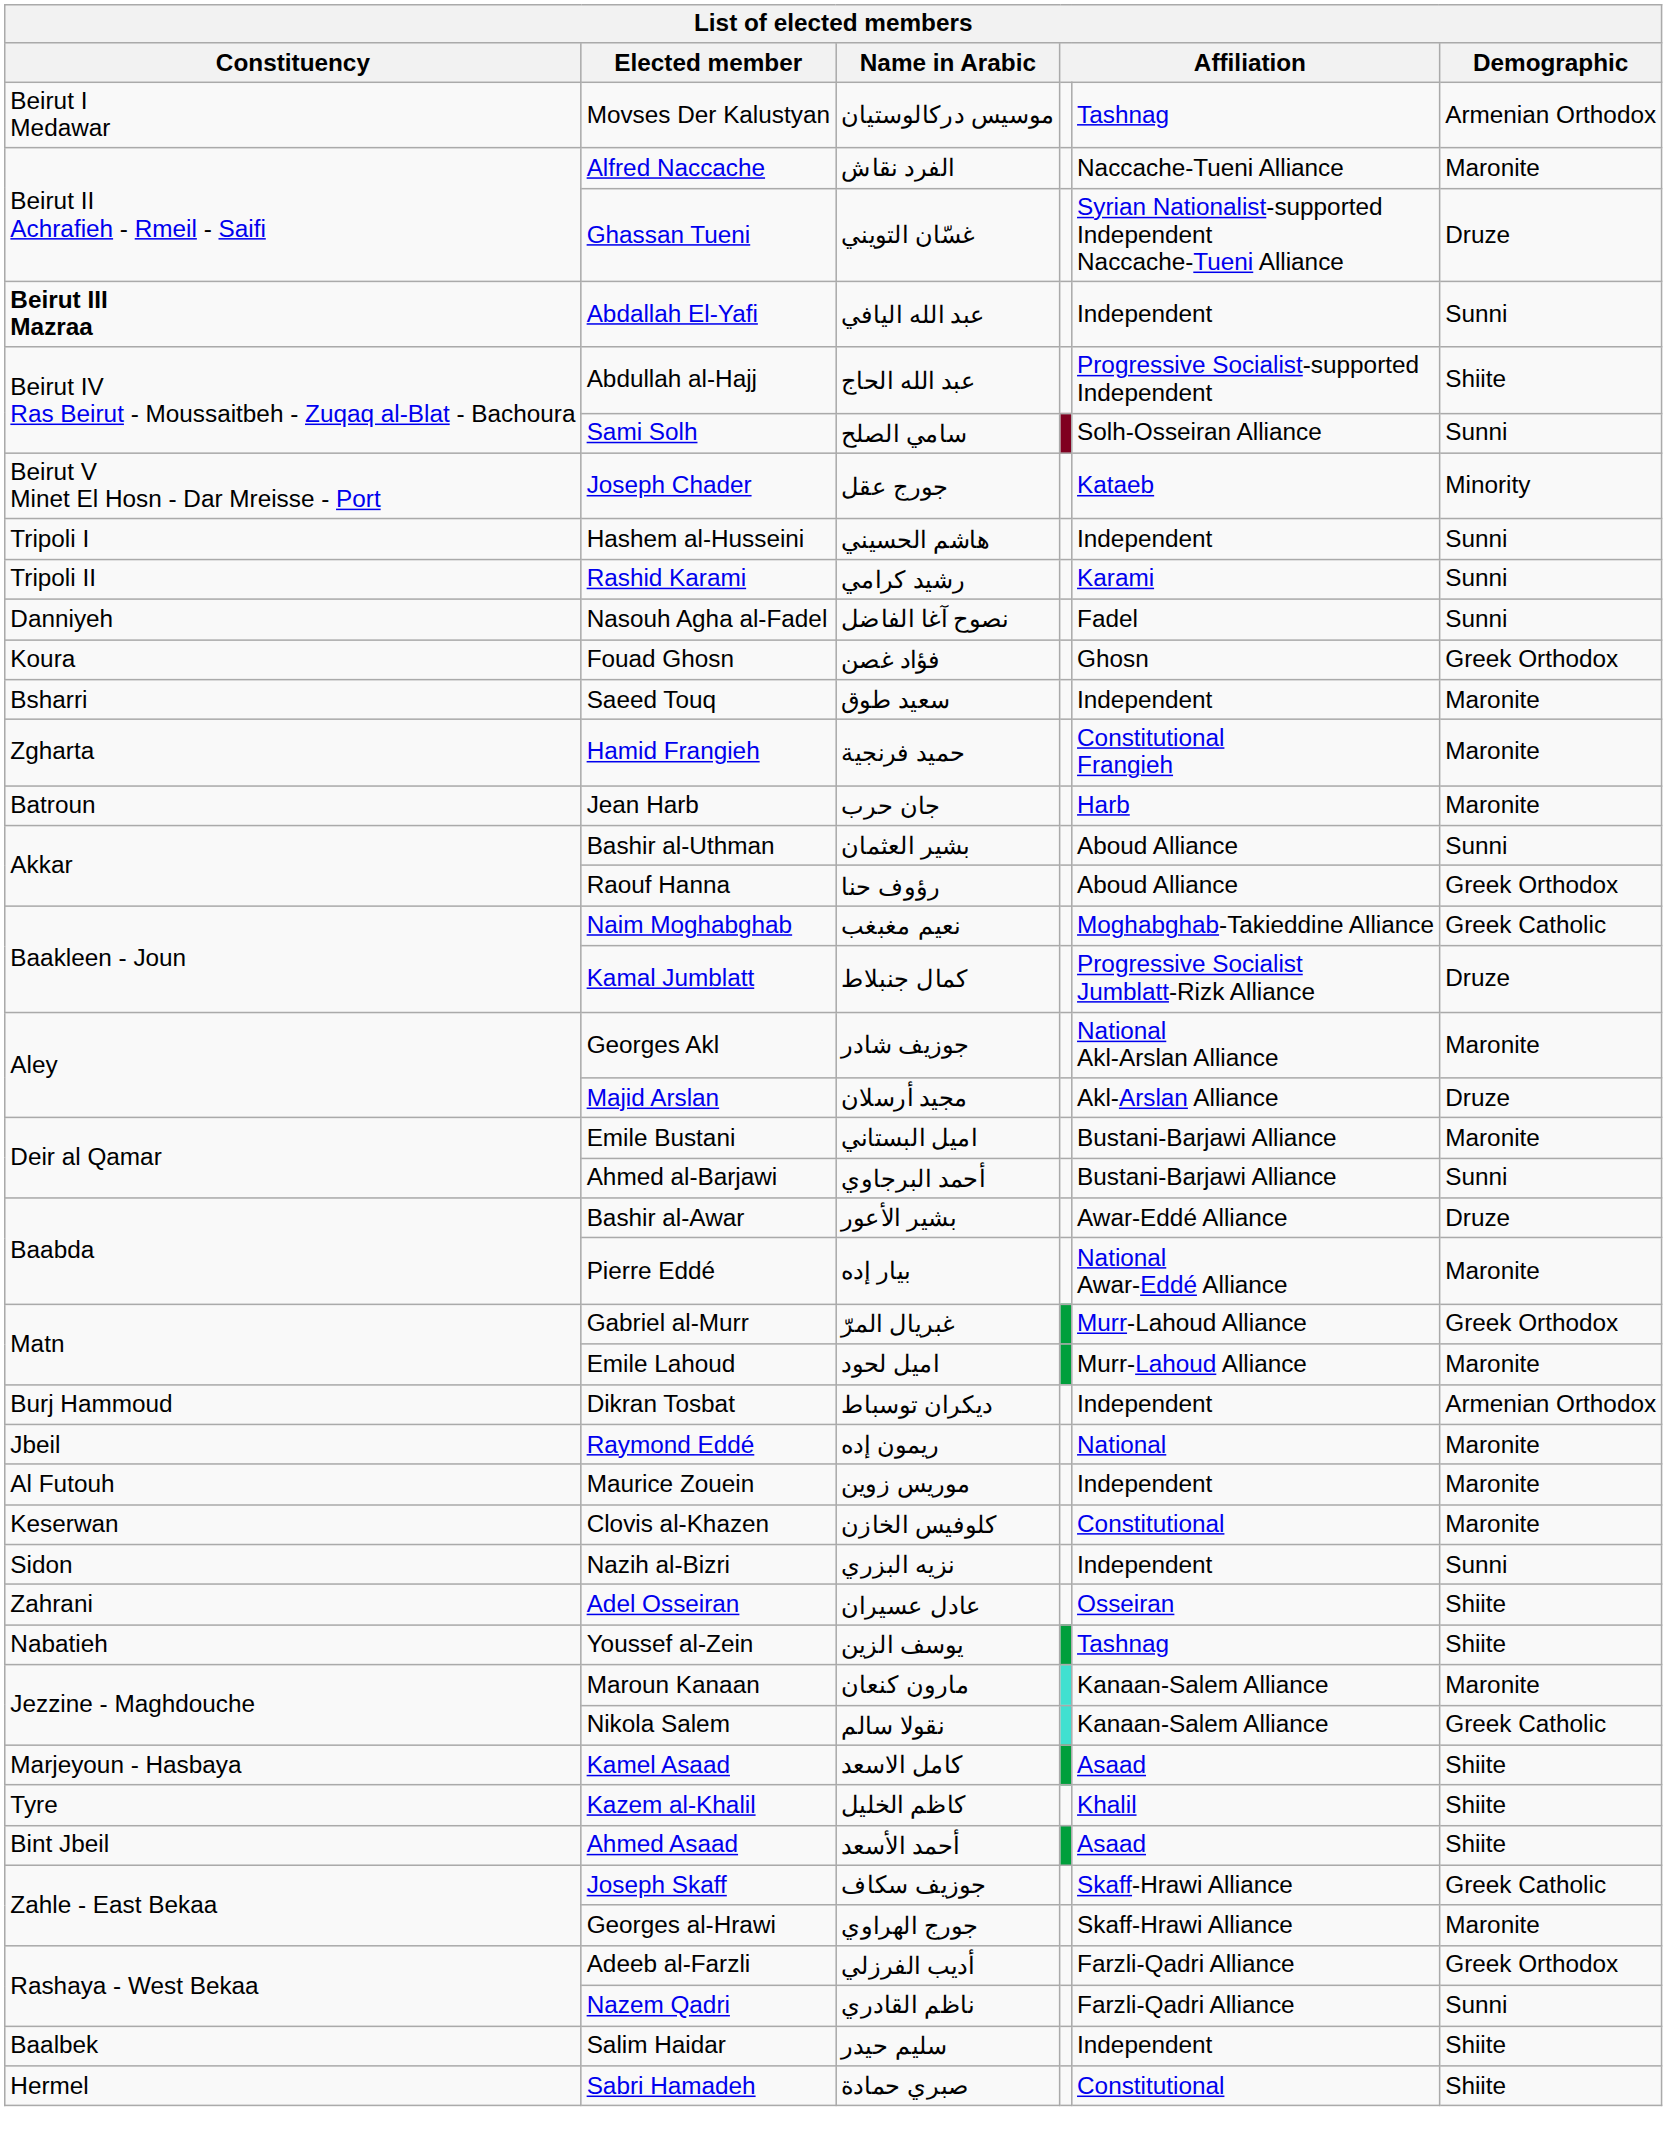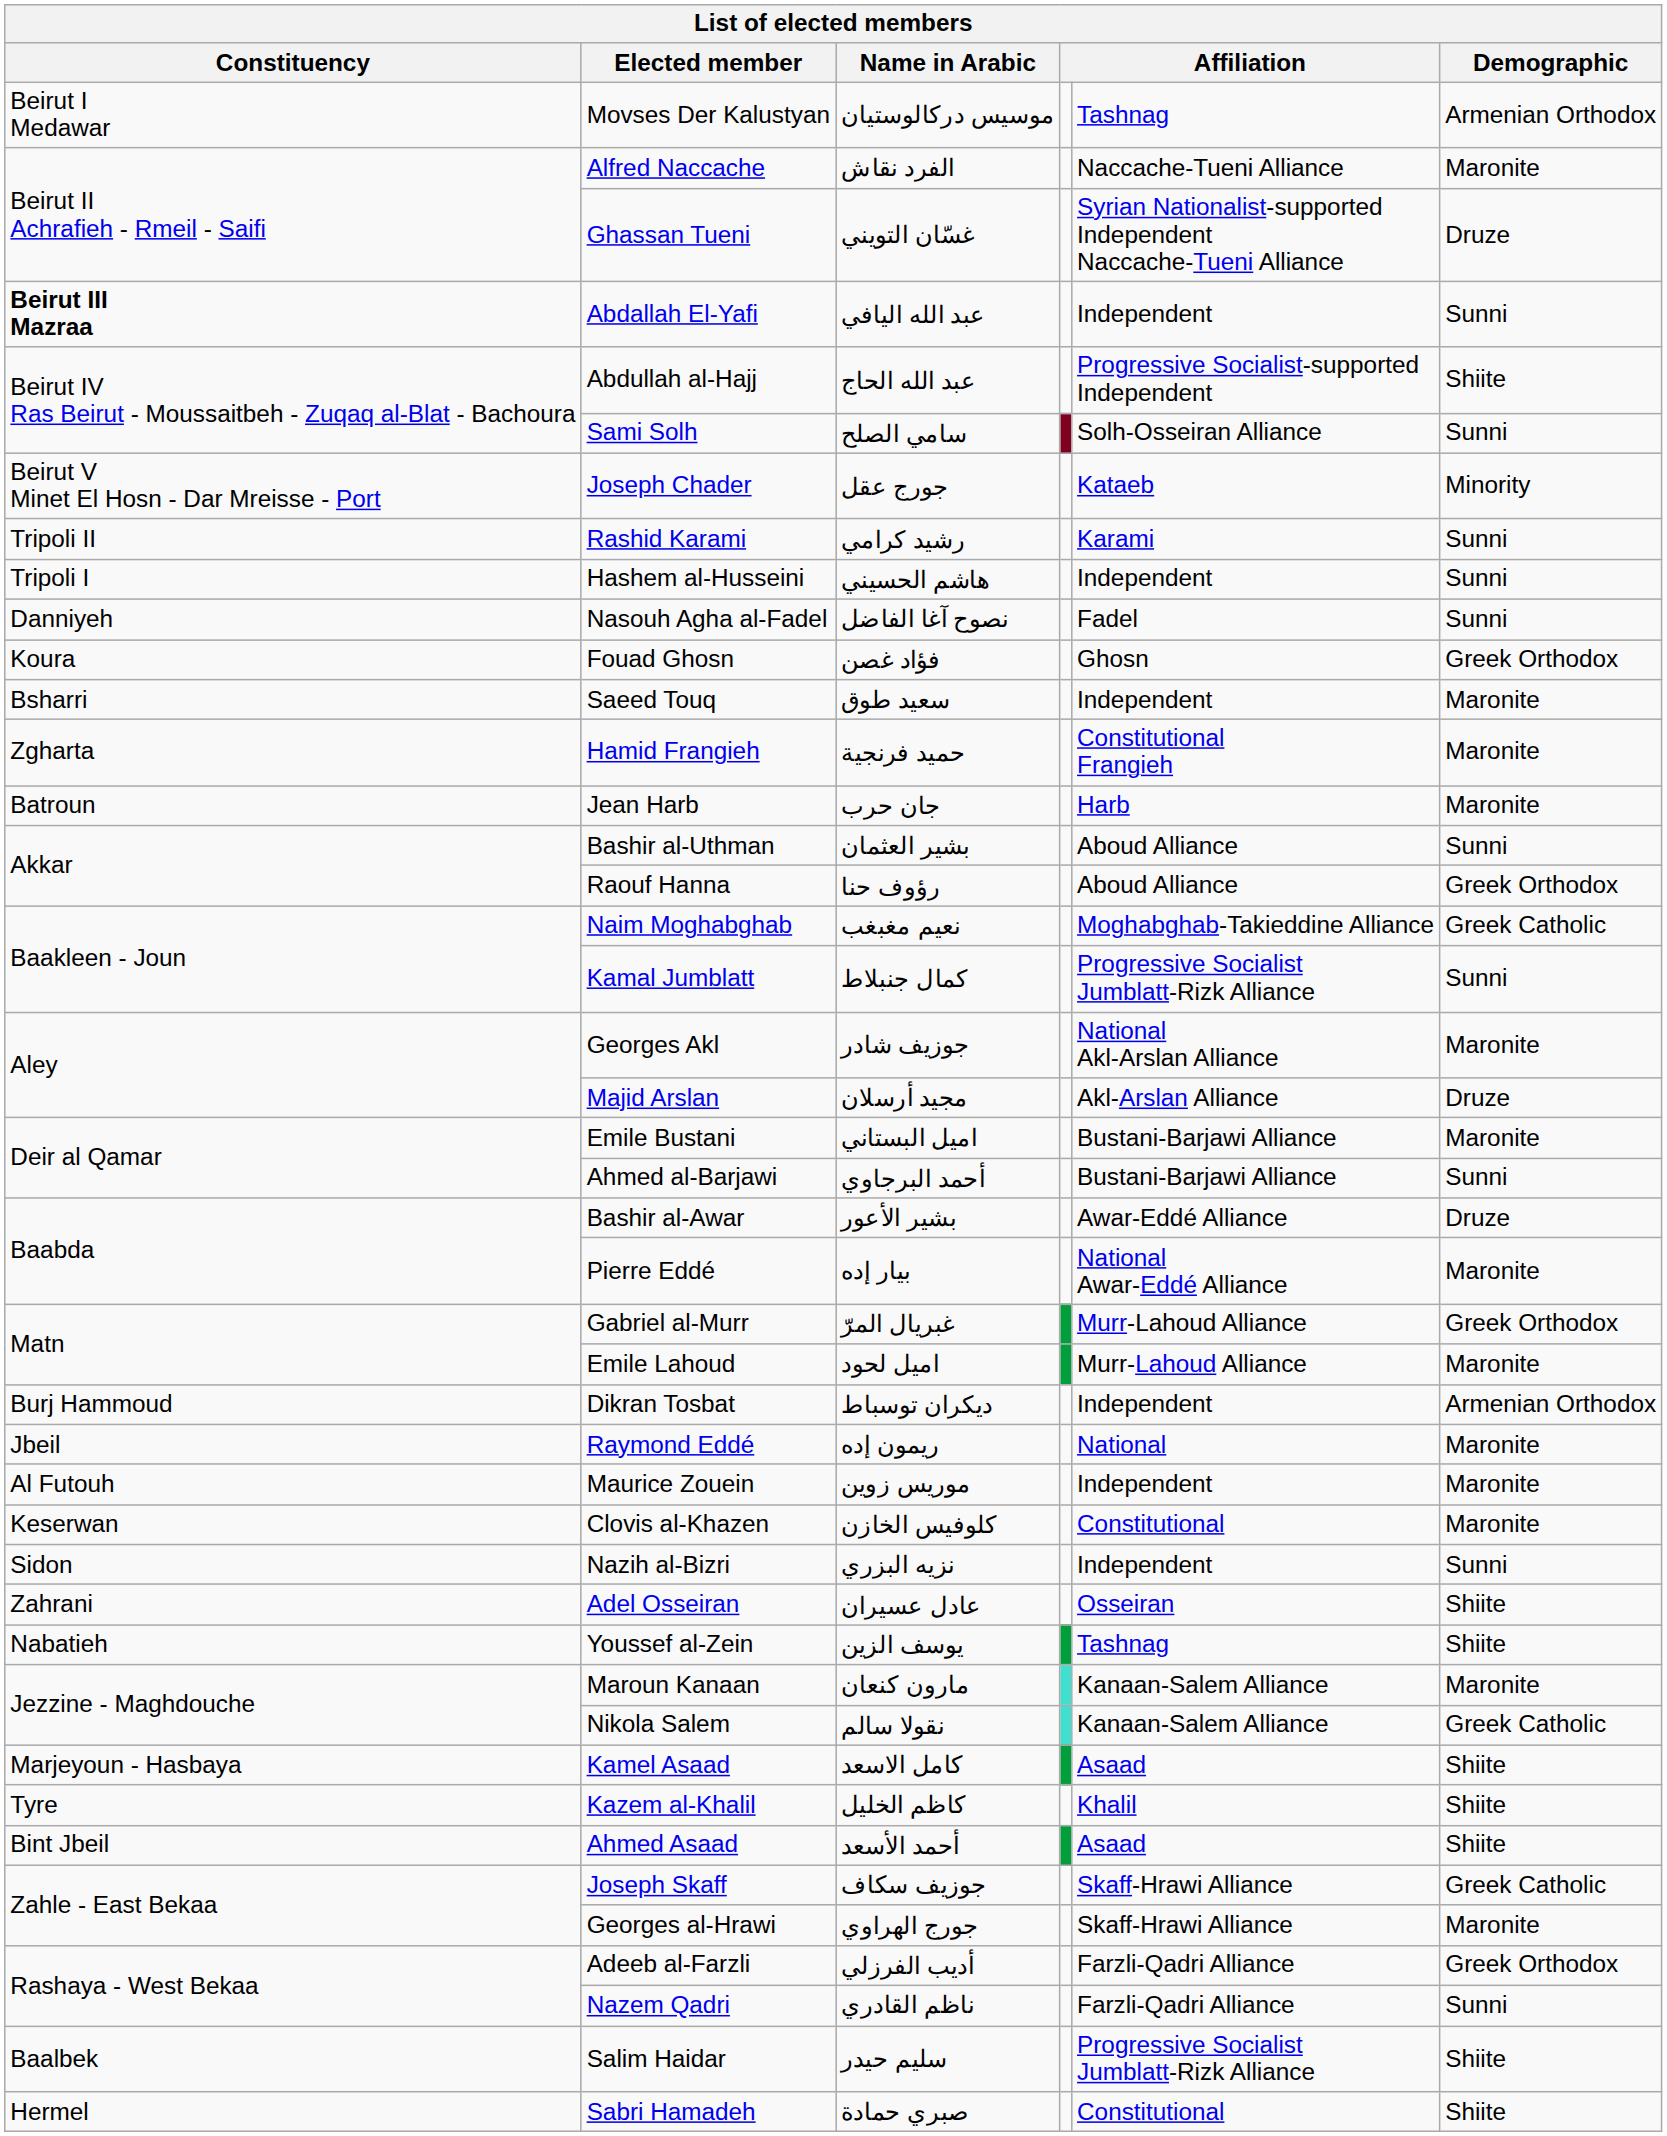 <table class="wikitable sortable">
 <tr>
 <th colspan="6">List of elected members</th>
 </tr>
 <tr>
 <th>Constituency</th>
 <th>Elected member</th>
 <th>Name in Arabic</th>
 <th colspan="2">Affiliation</th>
 <th>Demographic</th>
 </tr>
 <tr>
 <td>Beirut I<br>Medawar</td>
 <td>Movses Der Kalustyan</td>
 <td>موسيس دركالوستيان</td>
 <td style="background: "></td>
 <td><a href='#'>Tashnag</a></td>
 <td>Armenian Orthodox</td>
 </tr>
 <tr>
 <td rowspan="2">Beirut II<br><a href='#'>Achrafieh</a> - <a href='#'>Rmeil</a> - <a href='#'>Saifi</a></td>
 <td><a href='#'>Alfred Naccache</a></td>
 <td>الفرد نقاش</td>
 <td style="background: "></td>
 <td>Naccache-Tueni Alliance</td>
 <td>Maronite</td>
 </tr>
 <tr>
 <td><a href='#'>Ghassan Tueni</a></td>
 <td>غسّان التويني</td>
 <td style="background: "></td>
 <td><a href='#'>Syrian Nationalist</a>-supported<br>Independent<br>Naccache-<a href='#'>Tueni</a> Alliance</td>
 <td>Druze</td>
 </tr>
 <tr>
 <td><strong>Beirut III<br>Mazraa</strong></td>
 <td><a href='#'>Abdallah El-Yafi</a></td>
 <td>عبد الله اليافي</td>
 <td style="background: "></td>
 <td>Independent</td>
 <td>Sunni</td>
 </tr>
 <tr>
 <td rowspan="2">Beirut IV<br><a href='#'>Ras Beirut</a> - Moussaitbeh - <a href='#'>Zuqaq al-Blat</a> - Bachoura</td>
 <td>Abdullah al-Hajj</td>
 <td>عبد الله الحاج</td>
 <td style="background: "></td>
 <td><a href='#'>Progressive Socialist</a>-supported<br>Independent</td>
 <td>Shiite</td>
 </tr>
 <tr>
 <td><a href='#'>Sami Solh</a></td>
 <td>سامي الصلح</td>
 <td style="background: #800020;"></td>
 <td>Solh-Osseiran Alliance</td>
 <td>Sunni</td>
 </tr>
 <tr>
 <td>Beirut V<br>Minet El Hosn - Dar Mreisse - <a href='#'>Port</a></td>
 <td><a href='#'>Joseph Chader</a></td>
 <td>جورج عقل</td>
 <td style="background: "></td>
 <td><a href='#'>Kataeb</a></td>
 <td>Minority</td>
 </tr>
 <tr>
+<td>Tripoli II</td>
+<td><a href='#'>Rashid Karami</a></td>
+<td>رشيد كرامي</td>
+<td style="background: "></td>
+<td><a href='#'>Karami</a></td>
+<td>Sunni</td>
+</tr>
+<tr>
 <td>Tripoli I</td>
 <td>Hashem al-Husseini</td>
 <td>هاشم الحسيني</td>
 <td style="background: "></td>
 <td>Independent</td>
-<td>Sunni</td>
-</tr>
-<tr>
-<td>Tripoli II</td>
-<td><a href='#'>Rashid Karami</a></td>
-<td>رشيد كرامي</td>
-<td style="background: "></td>
-<td><a href='#'>Karami</a></td>
 <td>Sunni</td>
 </tr>
 <tr>
 <td>Danniyeh</td>
 <td>Nasouh Agha al-Fadel</td>
 <td>نصوح آغا الفاضل</td>
 <td style="background: "></td>
 <td>Fadel</td>
 <td>Sunni</td>
 </tr>
 <tr>
 <td>Koura</td>
 <td>Fouad Ghosn</td>
 <td>فؤاد غصن</td>
 <td style="background: "></td>
 <td>Ghosn</td>
 <td>Greek Orthodox</td>
 </tr>
 <tr>
 <td>Bsharri</td>
 <td>Saeed Touq</td>
 <td>سعيد طوق</td>
 <td style="background: "></td>
 <td>Independent</td>
 <td>Maronite</td>
 </tr>
 <tr>
 <td>Zgharta</td>
 <td><a href='#'>Hamid Frangieh</a></td>
 <td>حميد فرنجية</td>
 <td style="background: "></td>
 <td><a href='#'>Constitutional</a><br><a href='#'>Frangieh</a></td>
 <td>Maronite</td>
 </tr>
 <tr>
 <td>Batroun</td>
 <td>Jean Harb</td>
 <td>جان حرب</td>
 <td style="background: "></td>
 <td><a href='#'>Harb</a></td>
 <td>Maronite</td>
 </tr>
 <tr>
 <td rowspan="2">Akkar</td>
 <td>Bashir al-Uthman</td>
 <td>بشير العثمان</td>
 <td style="background: "></td>
 <td>Aboud Alliance</td>
 <td>Sunni</td>
 </tr>
 <tr>
 <td>Raouf Hanna</td>
 <td>رؤوف حنا</td>
 <td style="background: "></td>
 <td>Aboud Alliance</td>
 <td>Greek Orthodox</td>
 </tr>
 <tr>
 <td rowspan="2">Baakleen - Joun</td>
 <td><a href='#'>Naim Moghabghab</a></td>
 <td>نعيم مغبغب</td>
 <td style="background: "></td>
 <td><a href='#'>Moghabghab</a>-Takieddine Alliance</td>
 <td>Greek Catholic</td>
 </tr>
 <tr>
 <td><a href='#'>Kamal Jumblatt</a></td>
 <td>كمال جنبلاط</td>
 <td style="background: "></td>
 <td><a href='#'>Progressive Socialist</a><br><a href='#'>Jumblatt</a>-Rizk Alliance</td>
-<td>Druze</td>
+<td>Sunni</td>
 </tr>
 <tr>
 <td rowspan="2">Aley</td>
 <td>Georges Akl</td>
 <td>جوزيف شادر</td>
 <td style="background: "></td>
 <td><a href='#'>National</a><br>Akl-Arslan Alliance</td>
 <td>Maronite</td>
 </tr>
 <tr>
 <td><a href='#'>Majid Arslan</a></td>
 <td>مجيد أرسلان</td>
 <td style="background: "></td>
 <td>Akl-<a href='#'>Arslan</a> Alliance</td>
 <td>Druze</td>
 </tr>
 <tr>
 <td rowspan="2">Deir al Qamar</td>
 <td>Emile Bustani</td>
 <td>اميل البستاني</td>
 <td style="background: "></td>
 <td>Bustani-Barjawi Alliance</td>
 <td>Maronite</td>
 </tr>
 <tr>
 <td>Ahmed al-Barjawi</td>
 <td>أحمد البرجاوي</td>
 <td style="background: "></td>
 <td>Bustani-Barjawi Alliance</td>
 <td>Sunni</td>
 </tr>
 <tr>
 <td rowspan="2">Baabda</td>
 <td>Bashir al-Awar</td>
 <td>بشير الأعور</td>
 <td style="background: "></td>
 <td>Awar-Eddé Alliance</td>
 <td>Druze</td>
 </tr>
 <tr>
 <td>Pierre Eddé</td>
 <td>بيار إده</td>
 <td style="background: "></td>
 <td><a href='#'>National</a><br>Awar-<a href='#'>Eddé</a> Alliance</td>
 <td>Maronite</td>
 </tr>
 <tr>
 <td rowspan="2">Matn</td>
 <td>Gabriel al-Murr</td>
 <td>غبريال المرّ</td>
 <td style="background: #009F3C;"></td>
 <td><a href='#'>Murr</a>-Lahoud Alliance</td>
 <td>Greek Orthodox</td>
 </tr>
 <tr>
 <td>Emile Lahoud</td>
 <td>اميل لحود</td>
 <td style="background: #009F3C;"></td>
 <td>Murr-<a href='#'>Lahoud</a> Alliance</td>
 <td>Maronite</td>
 </tr>
 <tr>
 <td>Burj Hammoud</td>
 <td>Dikran Tosbat</td>
 <td>ديكران توسباط</td>
 <td style="background: "></td>
 <td>Independent</td>
 <td>Armenian Orthodox</td>
 </tr>
 <tr>
 <td>Jbeil</td>
 <td><a href='#'>Raymond Eddé</a></td>
 <td>ريمون إده</td>
 <td style="background: "></td>
 <td><a href='#'>National</a></td>
 <td>Maronite</td>
 </tr>
 <tr>
 <td>Al Futouh</td>
 <td>Maurice Zouein</td>
 <td>موريس زوين</td>
 <td style="background: "></td>
 <td>Independent</td>
 <td>Maronite</td>
 </tr>
 <tr>
 <td>Keserwan</td>
 <td>Clovis al-Khazen</td>
 <td>كلوفيس الخازن</td>
 <td style="background: "></td>
 <td><a href='#'>Constitutional</a></td>
 <td>Maronite</td>
 </tr>
 <tr>
 <td>Sidon</td>
 <td>Nazih al-Bizri</td>
 <td>نزيه البزري</td>
 <td style="background: "></td>
 <td>Independent</td>
 <td>Sunni</td>
 </tr>
 <tr>
 <td>Zahrani</td>
 <td><a href='#'>Adel Osseiran</a></td>
 <td>عادل عسيران</td>
 <td style="background: "></td>
 <td><a href='#'>Osseiran</a></td>
 <td>Shiite</td>
 </tr>
 <tr>
 <td>Nabatieh</td>
 <td>Youssef al-Zein</td>
 <td>يوسف الزين</td>
 <td style="background: #009F3C;"></td>
 <td><a href='#'>Tashnag</a></td>
 <td>Shiite</td>
 </tr>
 <tr>
 <td rowspan="2">Jezzine - Maghdouche</td>
 <td>Maroun Kanaan</td>
 <td>مارون كنعان</td>
 <td style="background: #40E0D0;"></td>
 <td>Kanaan-Salem Alliance</td>
 <td>Maronite</td>
 </tr>
 <tr>
 <td>Nikola Salem</td>
 <td>نقولا سالم</td>
 <td style="background: #40E0D0;"></td>
 <td>Kanaan-Salem Alliance</td>
 <td>Greek Catholic</td>
 </tr>
 <tr>
 <td>Marjeyoun - Hasbaya</td>
 <td><a href='#'>Kamel Asaad</a></td>
 <td>كامل الاسعد</td>
 <td style="background: #009F3C;"></td>
 <td><a href='#'>Asaad</a></td>
 <td>Shiite</td>
 </tr>
 <tr>
 <td>Tyre</td>
 <td><a href='#'>Kazem al-Khalil</a></td>
 <td>كاظم الخليل</td>
 <td style="background: "></td>
 <td><a href='#'>Khalil</a></td>
 <td>Shiite</td>
 </tr>
 <tr>
 <td>Bint Jbeil</td>
 <td><a href='#'>Ahmed Asaad</a></td>
 <td>أحمد الأسعد</td>
 <td style="background: #009F3C;"></td>
 <td><a href='#'>Asaad</a></td>
 <td>Shiite</td>
 </tr>
 <tr>
 <td rowspan="2">Zahle - East Bekaa</td>
 <td><a href='#'>Joseph Skaff</a></td>
 <td>جوزيف سكاف</td>
 <td style="background: "></td>
 <td><a href='#'>Skaff</a>-Hrawi Alliance</td>
 <td>Greek Catholic</td>
 </tr>
 <tr>
 <td>Georges al-Hrawi</td>
 <td>جورج الهراوي</td>
 <td style="background: "></td>
 <td>Skaff-Hrawi Alliance</td>
 <td>Maronite</td>
 </tr>
 <tr>
 <td rowspan="2">Rashaya - West Bekaa</td>
 <td>Adeeb al-Farzli</td>
 <td>أديب الفرزلي</td>
 <td style="background: "></td>
 <td>Farzli-Qadri Alliance</td>
 <td>Greek Orthodox</td>
 </tr>
 <tr>
 <td><a href='#'>Nazem Qadri</a></td>
 <td>ناظم القادري</td>
 <td style="background: "></td>
 <td>Farzli-Qadri Alliance</td>
 <td>Sunni</td>
 </tr>
 <tr>
 <td>Baalbek</td>
 <td>Salim Haidar</td>
 <td>سليم حيدر</td>
 <td style="background: "></td>
-<td>Independent</td>
+<td><a href='#'>Progressive Socialist</a><br><a href='#'>Jumblatt</a>-Rizk Alliance</td>
 <td>Shiite</td>
 </tr>
 <tr>
 <td>Hermel</td>
 <td><a href='#'>Sabri Hamadeh</a></td>
 <td>صبري حمادة</td>
 <td style="background: "></td>
 <td><a href='#'>Constitutional</a></td>
 <td>Shiite</td>
 </tr>
 </table>
